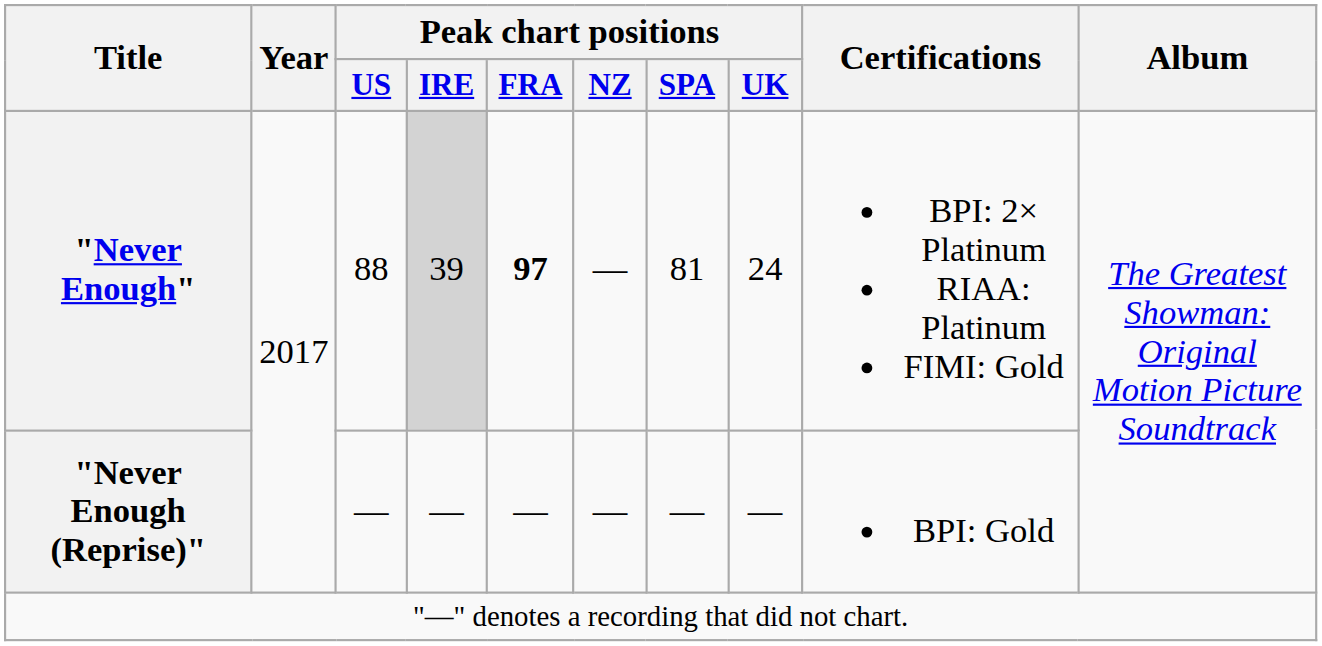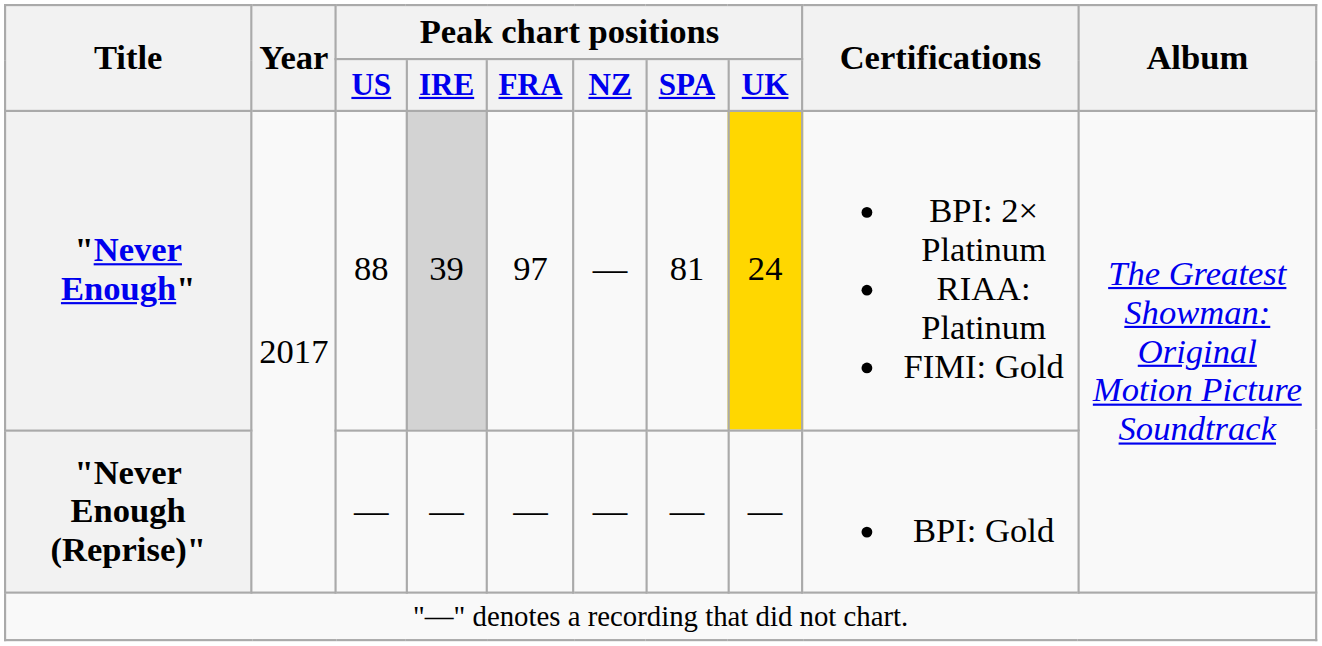 <table class="wikitable plainrowheaders" style="text-align:center;" border="1">
 <tr>
 <th scope="col" rowspan="2" style="width:12em;">Title</th>
 <th scope="col" rowspan="2">Year</th>
 <th scope="col" colspan="6">Peak chart positions</th>
 <th scope="col" rowspan="2" style="width:11em;">Certifications</th>
 <th scope="col" rowspan="2" style="width:11em;">Album</th>
 </tr>
 <tr>
 <th scope="col" style="width:3em;font-size:90%;"><a href='#'>US</a><br></th>
 <th scope="col" style="width:3em;font-size:90%;"><a href='#'>IRE</a><br></th>
 <th scope="col" style="width:3em;font-size:90%;"><a href='#'>FRA</a><br></th>
 <th scope="col" style="width:3em;font-size:90%;"><a href='#'>NZ</a></th>
 <th scope="col" style="width:3em;font-size:90%;"><a href='#'>SPA</a><br></th>
 <th scope="col" style="width:3em;font-size:90%;"><a href='#'>UK</a><br></th>
 </tr>
 <tr>
 <th scope="row">"<a href='#'>Never Enough</a>"</th>
 <td rowspan="2">2017</td>
 <td>88</td>
 <td style="background: lightgrey;">39</td>
-<td><strong>97</strong></td>
+<td>97</td>
 <td>—</td>
 <td>81</td>
-<td>24</td>
+<td style="background: gold;">24</td>
 <td><br><ul><li>BPI: 2× Platinum</li><li>RIAA: Platinum</li><li>FIMI: Gold</li></ul></td>
 <td rowspan="2"><em><a href='#'>The Greatest Showman: Original Motion Picture Soundtrack</a></em></td>
 </tr>
 <tr>
 <th scope="row">"Never Enough (Reprise)"</th>
 <td>—</td>
 <td>—</td>
 <td>—</td>
 <td>—</td>
 <td>—</td>
 <td>—</td>
 <td><br><ul><li>BPI: Gold</li></ul></td>
 </tr>
 <tr>
 <td colspan="12" style="font-size:smaller;" style="text-align:center;">"—" denotes a recording that did not chart.</td>
 </tr>
 </table>
